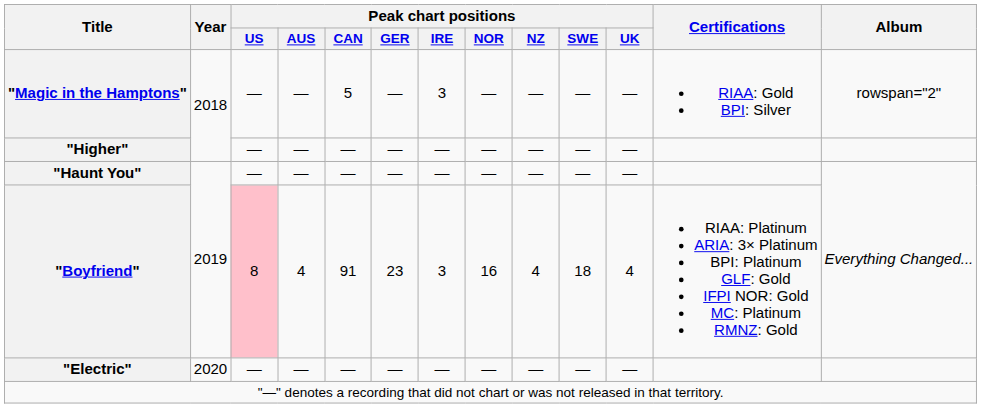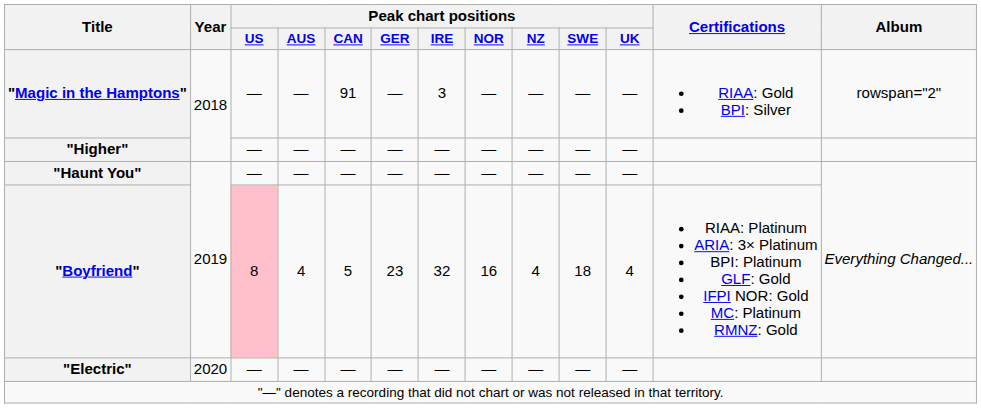 <table class="wikitable plainrowheaders" style="text-align:center;">
 <tr>
 <th scope="col" rowspan="2">Title</th>
 <th scope="col" rowspan="2">Year</th>
 <th scope="col" colspan="9">Peak chart positions</th>
 <th scope="col" rowspan="2"><a href='#'>Certifications</a></th>
 <th scope="col" rowspan="2">Album</th>
 </tr>
 <tr>
 <th scope="col" style="width:3em;font-size:90%;"><a href='#'>US</a><br></th>
 <th scope="col" style="width:3em;font-size:90%;"><a href='#'>AUS</a><br></th>
 <th scope="col" style="width:3em;font-size:90%;"><a href='#'>CAN</a><br></th>
 <th scope="col" style="width:3em;font-size:90%;"><a href='#'>GER</a><br></th>
 <th scope="col" style="width:3em;font-size:90%;"><a href='#'>IRE</a><br></th>
 <th scope="col" style="width:3em;font-size:90%;"><a href='#'>NOR</a><br></th>
 <th scope="col" style="width:3em;font-size:90%;"><a href='#'>NZ</a><br></th>
 <th scope="col" style="width:3em;font-size:90%;"><a href='#'>SWE</a><br></th>
 <th scope="col" style="width:3em;font-size:90%;"><a href='#'>UK</a><br></th>
 </tr>
 <tr>
 <th scope="row">"<a href='#'>Magic in the Hamptons</a>"<br></th>
 <td rowspan="2">2018</td>
 <td>—</td>
 <td>—</td>
-<td>5</td>
+<td>91</td>
 <td>—</td>
 <td>3</td>
 <td>—</td>
 <td>—</td>
 <td>—</td>
 <td>—</td>
 <td><br><ul><li><a href='#'>RIAA</a>: Gold</li><li><a href='#'>BPI</a>: Silver</li></ul></td>
 <td>rowspan="2" </td>
 </tr>
 <tr>
 <th scope="row">"Higher"</th>
 <td>—</td>
 <td>—</td>
 <td>—</td>
 <td>—</td>
 <td>—</td>
 <td>—</td>
 <td>—</td>
 <td>—</td>
 <td>—</td>
 <td></td>
 </tr>
 <tr>
 <th scope="row">"Haunt You"</th>
 <td rowspan="2">2019</td>
 <td>—</td>
 <td>—</td>
 <td>—</td>
 <td>—</td>
 <td>—</td>
 <td>—</td>
 <td>—</td>
 <td>—</td>
 <td>—</td>
 <td></td>
 <td rowspan="2"><em>Everything Changed...</em></td>
 </tr>
 <tr>
 <th scope="row">"<a href='#'>Boyfriend</a>"<br></th>
 <td style="background: pink;">8</td>
 <td>4</td>
-<td>91</td>
+<td>5</td>
 <td>23</td>
-<td>3</td>
+<td>32<br></td>
 <td>16</td>
 <td>4</td>
 <td>18</td>
 <td>4</td>
 <td><br><ul><li>RIAA: Platinum</li><li><a href='#'>ARIA</a>: 3× Platinum</li><li>BPI: Platinum</li><li><a href='#'>GLF</a>: Gold</li><li><a href='#'>IFPI</a> NOR: Gold</li><li><a href='#'>MC</a>: Platinum</li><li><a href='#'>RMNZ</a>: Gold</li></ul></td>
 </tr>
 <tr>
 <th scope="row">"Electric"</th>
 <td>2020</td>
 <td>—</td>
 <td>—</td>
 <td>—</td>
 <td>—</td>
 <td>—</td>
 <td>—</td>
 <td>—</td>
 <td>—</td>
 <td>—</td>
 <td></td>
 <td></td>
 </tr>
 <tr>
 <td colspan="15" style="font-size:90%">"—" denotes a recording that did not chart or was not released in that territory.</td>
 </tr>
 </table>
